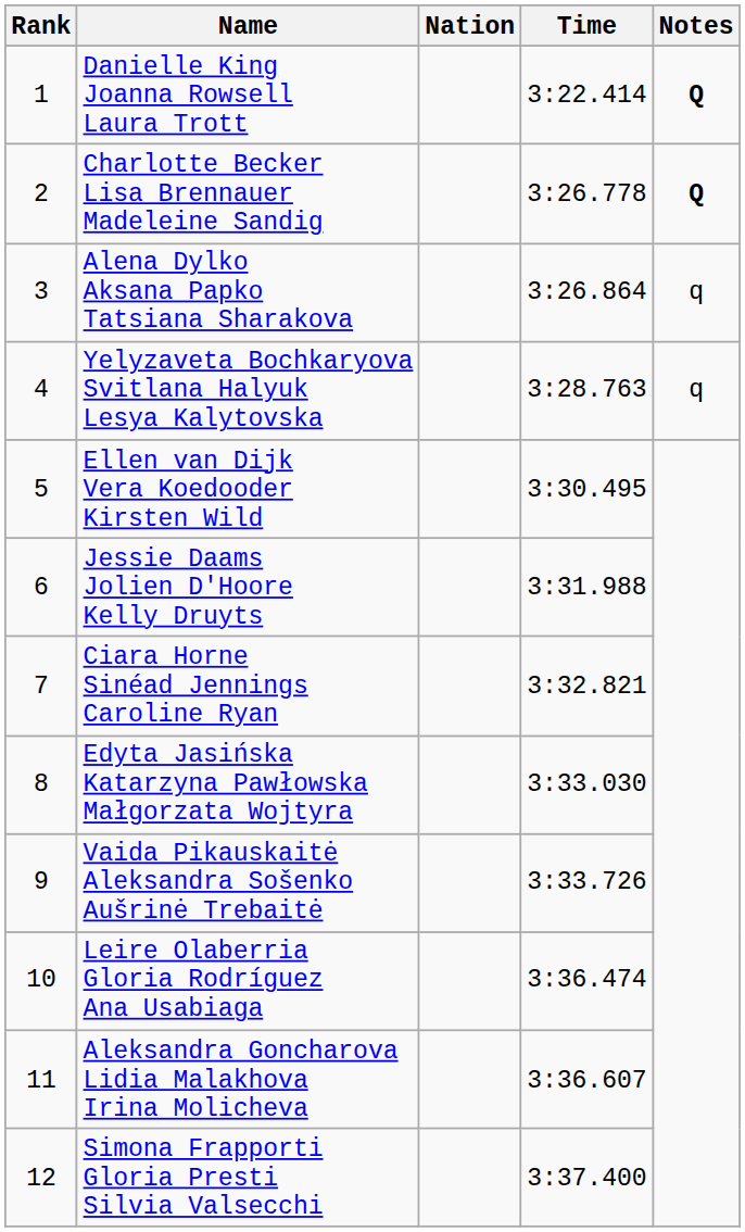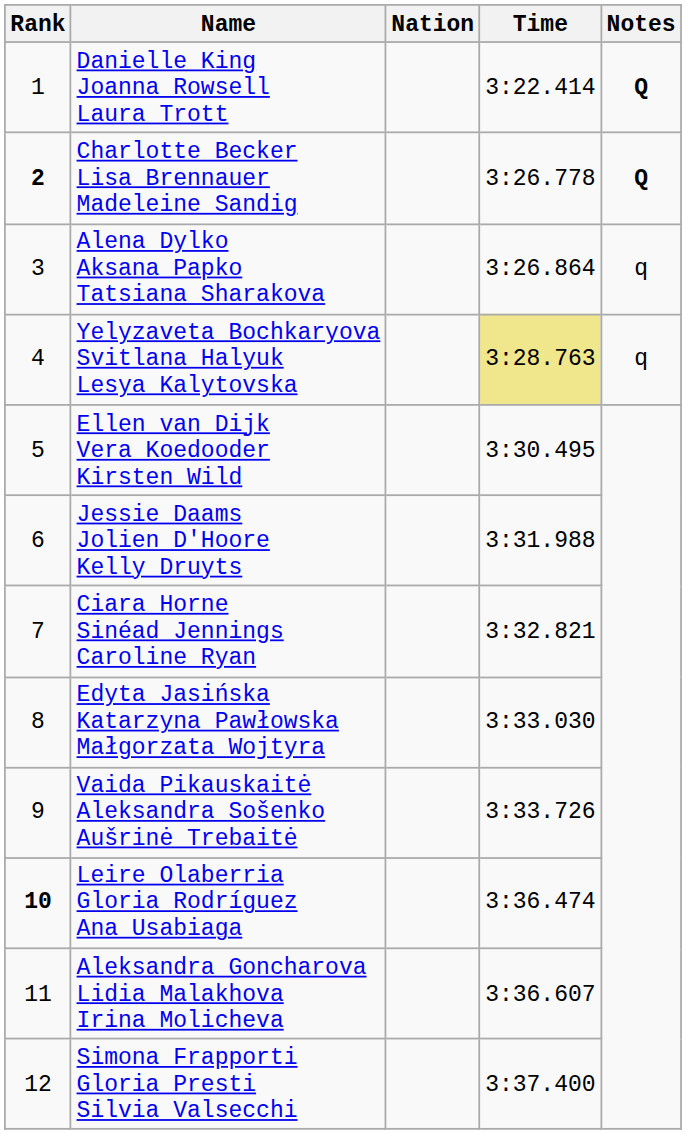 <table class="wikitable sortable" style="text-align:center">
 <tr>
 <th>Rank</th>
 <th>Name</th>
 <th>Nation</th>
 <th>Time</th>
 <th>Notes</th>
 </tr>
 <tr>
 <td>1</td>
 <td align=left><a href='#'>Danielle King</a><br><a href='#'>Joanna Rowsell</a><br> <a href='#'>Laura Trott</a></td>
 <td align=left></td>
 <td>3:22.414</td>
 <td><strong>Q</strong></td>
 </tr>
 <tr>
-<td>2</td>
+<td><strong>2</strong></td>
 <td align=left><a href='#'>Charlotte Becker</a><br><a href='#'>Lisa Brennauer</a><br><a href='#'>Madeleine Sandig</a></td>
 <td align=left></td>
 <td>3:26.778</td>
 <td><strong>Q</strong></td>
 </tr>
 <tr>
 <td>3</td>
 <td align=left><a href='#'>Alena Dylko</a><br><a href='#'>Aksana Papko</a><br><a href='#'>Tatsiana Sharakova</a></td>
 <td align=left></td>
 <td>3:26.864</td>
 <td>q</td>
 </tr>
 <tr>
 <td>4</td>
 <td align=left><a href='#'>Yelyzaveta Bochkaryova</a><br><a href='#'>Svitlana Halyuk</a><br><a href='#'>Lesya Kalytovska</a></td>
 <td align=left></td>
-<td>3:28.763</td>
+<td style="background: khaki;">3:28.763</td>
 <td>q</td>
 </tr>
 <tr>
 <td>5</td>
 <td align=left><a href='#'>Ellen van Dijk</a><br><a href='#'>Vera Koedooder</a><br><a href='#'>Kirsten Wild</a></td>
 <td align=left></td>
 <td>3:30.495</td>
 </tr>
 <tr>
 <td>6</td>
 <td align=left><a href='#'>Jessie Daams</a><br><a href='#'>Jolien D'Hoore</a><br><a href='#'>Kelly Druyts</a></td>
 <td align=left></td>
 <td>3:31.988</td>
 </tr>
 <tr>
 <td>7</td>
 <td align=left><a href='#'>Ciara Horne</a><br><a href='#'>Sinéad Jennings</a><br><a href='#'>Caroline Ryan</a></td>
 <td align=left></td>
 <td>3:32.821</td>
 </tr>
 <tr>
 <td>8</td>
 <td align=left><a href='#'>Edyta Jasińska</a><br><a href='#'>Katarzyna Pawłowska</a><br><a href='#'>Małgorzata Wojtyra</a></td>
 <td align=left></td>
 <td>3:33.030</td>
 </tr>
 <tr>
 <td>9</td>
 <td align=left><a href='#'>Vaida Pikauskaitė</a><br><a href='#'>Aleksandra Sošenko</a><br><a href='#'>Aušrinė Trebaitė</a></td>
 <td align=left></td>
 <td>3:33.726</td>
 </tr>
 <tr>
-<td>10</td>
+<td><strong>10</strong></td>
 <td align=left><a href='#'>Leire Olaberria</a> <br><a href='#'>Gloria Rodríguez</a><br><a href='#'>Ana Usabiaga</a></td>
 <td align=left></td>
 <td>3:36.474</td>
 </tr>
 <tr>
 <td>11</td>
 <td align=left><a href='#'>Aleksandra Goncharova</a><br><a href='#'>Lidia Malakhova</a><br><a href='#'>Irina Molicheva</a></td>
 <td align=left></td>
 <td>3:36.607</td>
 </tr>
 <tr>
 <td>12</td>
 <td align=left><a href='#'>Simona Frapporti</a><br><a href='#'>Gloria Presti</a><br><a href='#'>Silvia Valsecchi</a></td>
 <td align=left></td>
 <td>3:37.400</td>
 </tr>
 </table>
